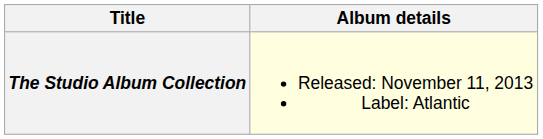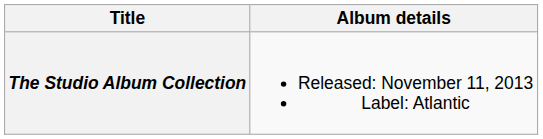 <table class="wikitable plainrowheaders" style="text-align:center;">
 <tr>
 <th>Title</th>
 <th>Album details</th>
 </tr>
 <tr>
 <th scope="row"><em>The Studio Album Collection</em></th>
-<td style="background: lightyellow;"><br><ul><li>Released: November 11, 2013</li><li>Label: Atlantic</li></ul></td>
+<td><br><ul><li>Released: November 11, 2013</li><li>Label: Atlantic</li></ul></td>
 </tr>
 </table>
